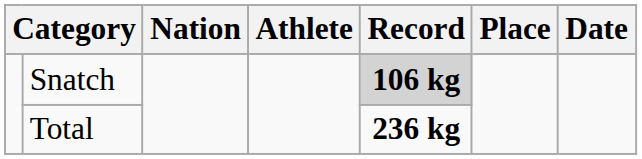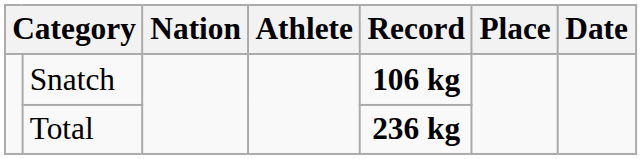 <table class="wikitable" style="text-align:center;">
 <tr>
 <th colspan="2">Category</th>
 <th>Nation</th>
 <th>Athlete</th>
 <th>Record</th>
 <th>Place</th>
 <th>Date</th>
 </tr>
 <tr>
 <td rowspan="2"><strong></strong></td>
 <td align="left">Snatch</td>
 <td align="left" rowspan="2"></td>
 <td align="left" rowspan="2"></td>
-<td style="background: lightgrey;"><strong>106 kg</strong></td>
+<td><strong>106 kg</strong></td>
 <td align="left" rowspan="2"></td>
 <td align="left" rowspan="2"></td>
 </tr>
 <tr>
 <td align="left">Total</td>
 <td><strong>236 kg</strong></td>
 </tr>
 </table>
